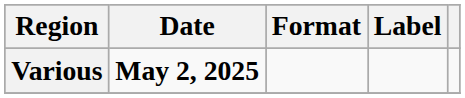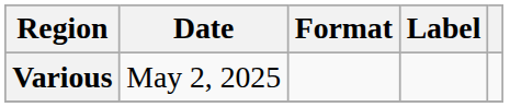 <table class="wikitable plainrowheaders">
 <tr>
 <th scope="col">Region</th>
 <th scope="col">Date</th>
 <th scope="col">Format</th>
 <th scope="col">Label</th>
 <th scope="col"></th>
 </tr>
 <tr>
 <th scope="row">Various</th>
-<td><strong>May 2, 2025</strong></td>
+<td>May 2, 2025</td>
 <td></td>
 <td></td>
 <td align="center"></td>
 </tr>
 <tr>
 </tr>
 </table>
